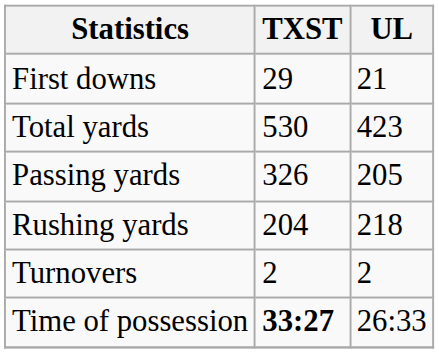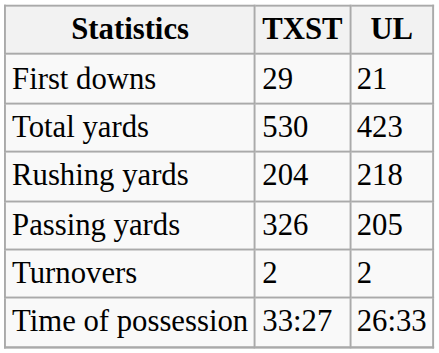 <table class="wikitable" style="float: left;">
 <tr>
 <th>Statistics</th>
 <th>TXST</th>
 <th>UL</th>
 </tr>
 <tr>
 <td>First downs</td>
 <td>29</td>
 <td>21</td>
 </tr>
 <tr>
 <td>Total yards</td>
 <td>530</td>
 <td>423</td>
 </tr>
 <tr>
+<td>Rushing yards</td>
+<td>204</td>
+<td>218</td>
+</tr>
+<tr>
 <td>Passing yards</td>
 <td>326</td>
 <td>205</td>
-</tr>
-<tr>
-<td>Rushing yards</td>
-<td>204</td>
-<td>218</td>
 </tr>
 <tr>
 <td>Turnovers</td>
 <td>2</td>
 <td>2</td>
 </tr>
 <tr>
 <td>Time of possession</td>
-<td><strong>33:27</strong></td>
+<td>33:27</td>
 <td>26:33</td>
 </tr>
 <tr>
 </tr>
 </table>
